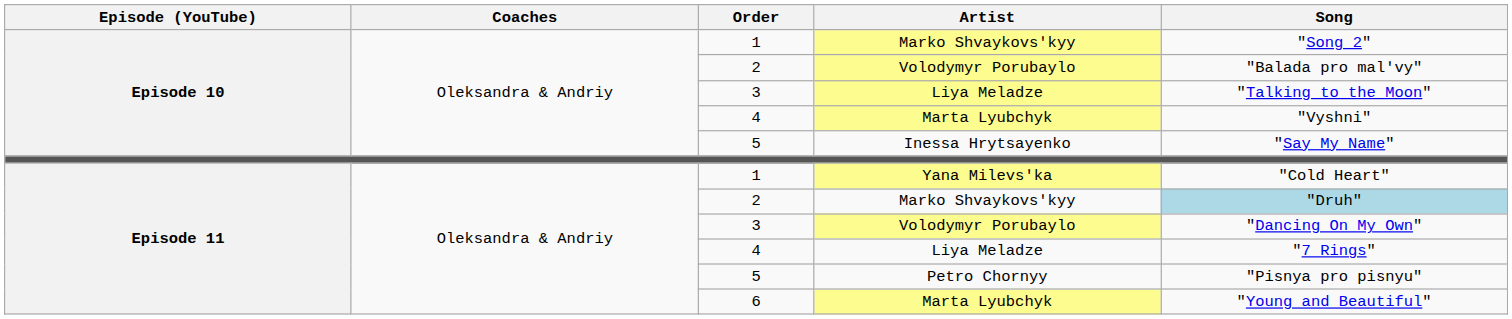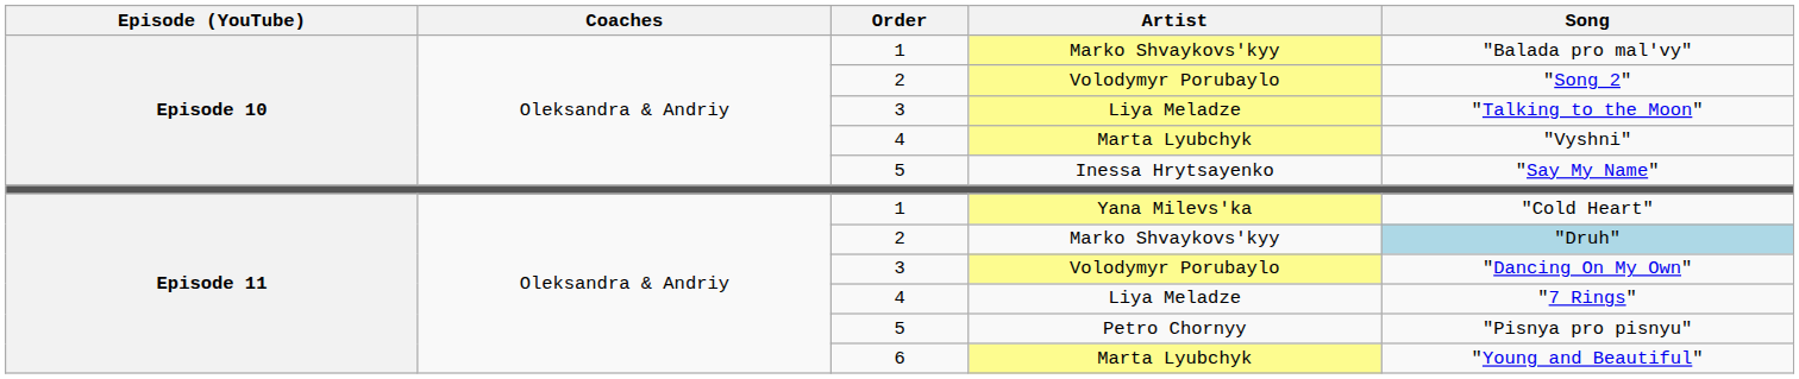 <table class="wikitable" style="text-align: center; width:100%">
 <tr>
 <th style="width:15%">Episode (YouTube)</th>
 <th style="width:15%">Coaches</th>
 <th style="width:05%">Order</th>
 <th style="width:15%">Artist</th>
 <th style="width:15%">Song</th>
 </tr>
 <tr>
 <th rowspan="5">Episode 10<br></th>
 <td rowspan="5">Oleksandra & Andriy</td>
 <td>1</td>
 <td style="background:#fdfc8f">Marko Shvaykovsʹkyy</td>
-<td>"<a href='#'>Song 2</a>"</td>
+<td>"Balada pro malʹvy"</td>
 </tr>
 <tr>
 <td>2</td>
 <td style="background:#fdfc8f">Volodymyr Porubaylo</td>
-<td>"Balada pro malʹvy"</td>
+<td>"<a href='#'>Song 2</a>"</td>
 </tr>
 <tr>
 <td>3</td>
 <td style="background:#fdfc8f">Liya Meladze</td>
 <td>"<a href='#'>Talking to the Moon</a>"</td>
 </tr>
 <tr>
 <td>4</td>
 <td style="background:#fdfc8f">Marta Lyubchyk</td>
 <td>"Vyshni"</td>
 </tr>
 <tr>
 <td>5</td>
 <td>Inessa Hrytsayenko</td>
 <td>"<a href='#'>Say My Name</a>"</td>
 </tr>
 <tr>
 <td style="background:#555" colspan="6"></td>
 </tr>
 <tr>
 <th rowspan="6">Episode 11<br></th>
 <td rowspan="6">Oleksandra & Andriy</td>
 <td>1</td>
 <td style="background:#fdfc8f">Yana Milevsʹka</td>
 <td>"Cold Heart"</td>
 </tr>
 <tr>
 <td>2</td>
 <td>Marko Shvaykovsʹkyy</td>
 <td style="background: lightblue;">"Druh"</td>
 </tr>
 <tr>
 <td>3</td>
 <td style="background:#fdfc8f">Volodymyr Porubaylo</td>
 <td>"<a href='#'>Dancing On My Own</a>"</td>
 </tr>
 <tr>
 <td>4</td>
 <td>Liya Meladze</td>
 <td>"<a href='#'>7 Rings</a>"</td>
 </tr>
 <tr>
 <td>5</td>
 <td>Petro Chornyy</td>
 <td>"Pisnya pro pisnyu"</td>
 </tr>
 <tr>
 <td>6</td>
 <td style="background:#fdfc8f">Marta Lyubchyk</td>
 <td>"<a href='#'>Young and Beautiful</a>"</td>
 </tr>
 </table>
